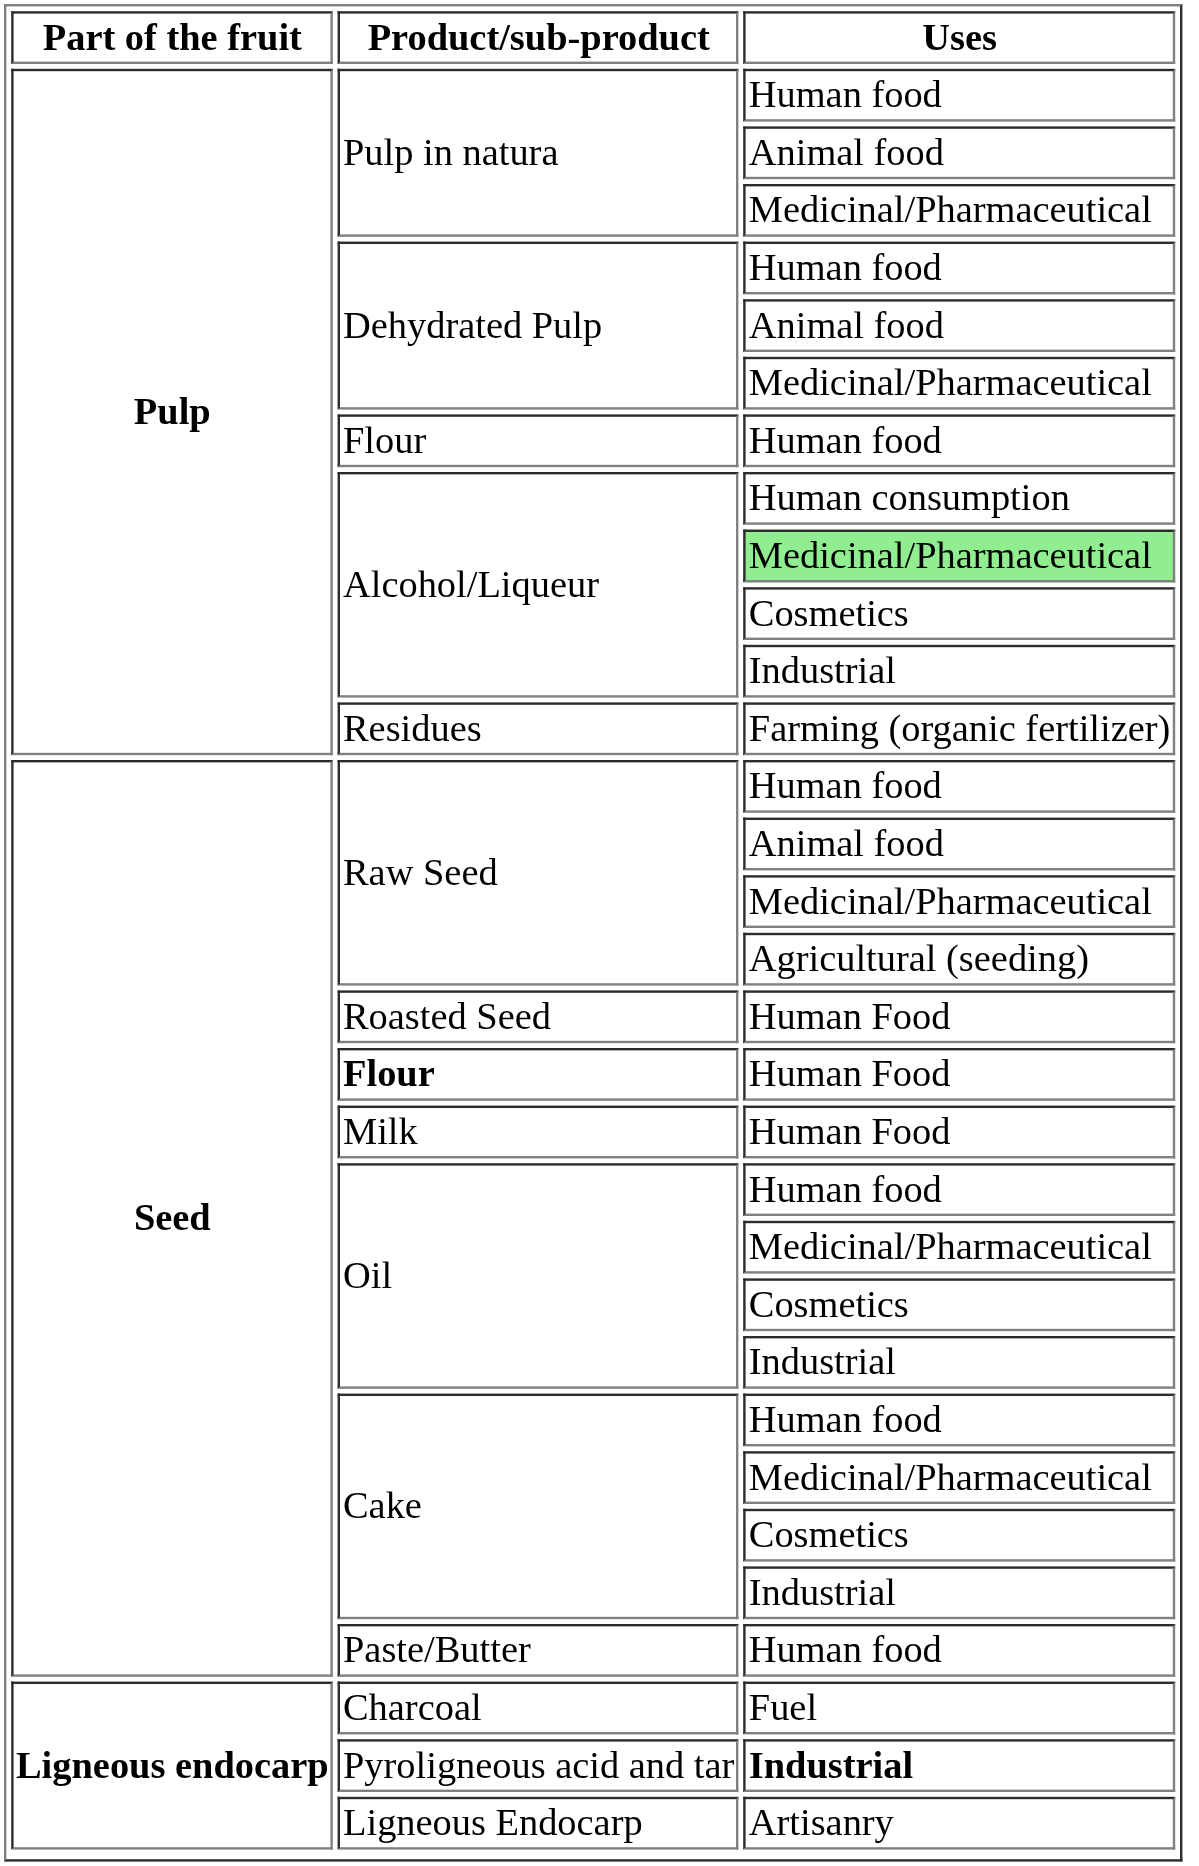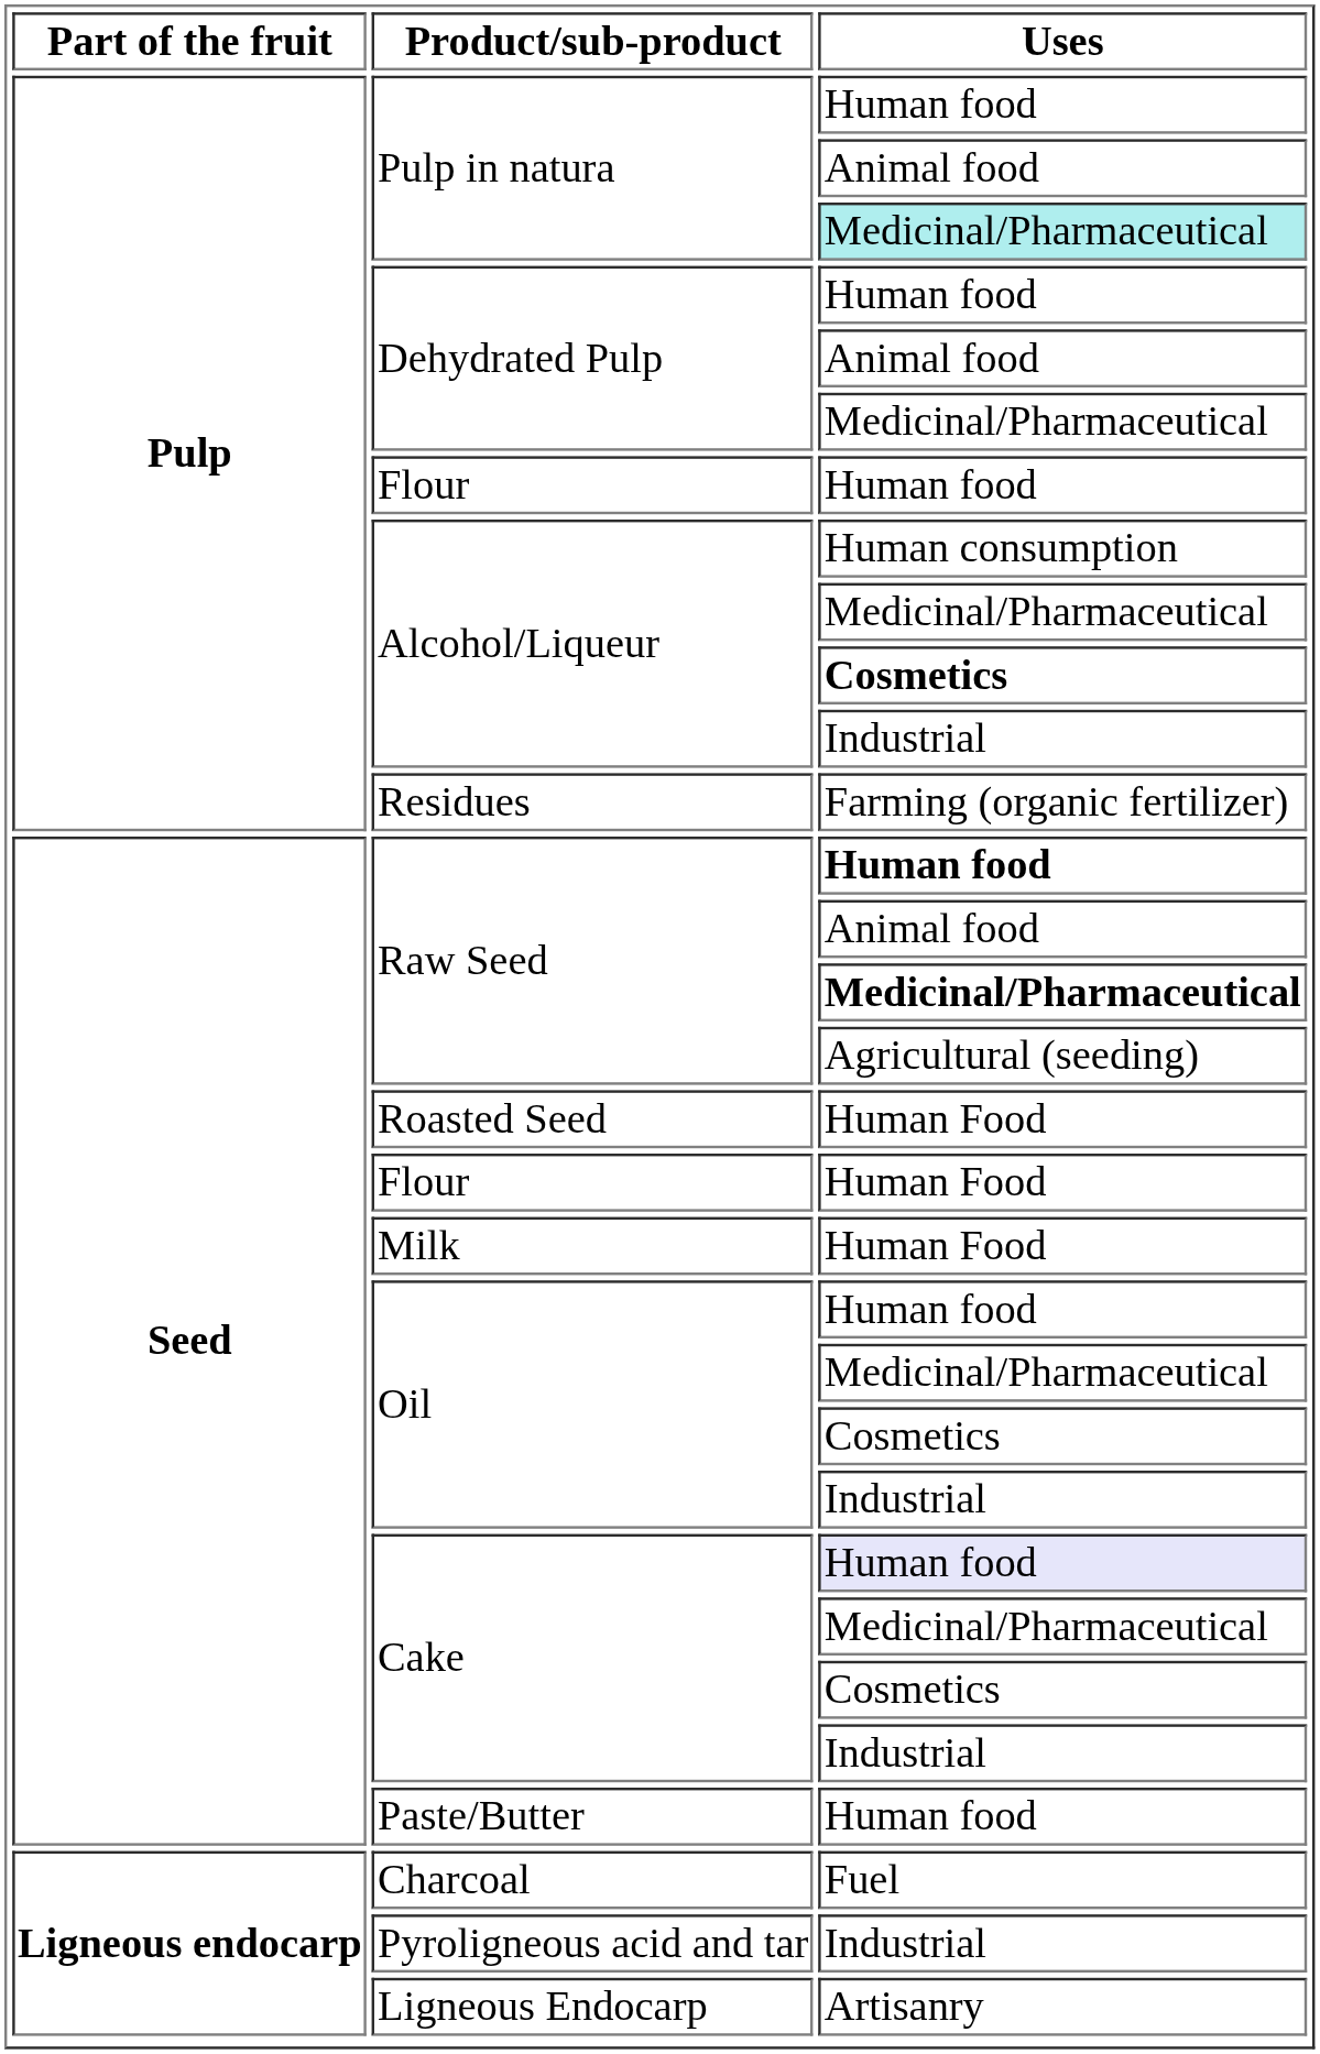 <table border="1">
 <tr>
 <th>Part of the fruit</th>
 <th>Product/sub-product</th>
 <th>Uses</th>
 </tr>
 <tr>
 <th rowspan="12">Pulp</th>
 <td rowspan="3">Pulp in natura</td>
 <td>Human food</td>
 </tr>
 <tr>
 <td>Animal food</td>
 </tr>
 <tr>
-<td>Medicinal/Pharmaceutical</td>
+<td style="background: paleturquoise;">Medicinal/Pharmaceutical</td>
 </tr>
 <tr>
 <td rowspan="3">Dehydrated Pulp</td>
 <td>Human food</td>
 </tr>
 <tr>
 <td>Animal food</td>
 </tr>
 <tr>
 <td>Medicinal/Pharmaceutical</td>
 </tr>
 <tr>
 <td>Flour</td>
 <td>Human food</td>
 </tr>
 <tr>
 <td rowspan="4">Alcohol/Liqueur</td>
 <td>Human consumption</td>
 </tr>
 <tr>
-<td style="background: lightgreen;">Medicinal/Pharmaceutical</td>
+<td>Medicinal/Pharmaceutical</td>
 </tr>
 <tr>
-<td>Cosmetics</td>
+<td><strong>Cosmetics</strong></td>
 </tr>
 <tr>
 <td>Industrial</td>
 </tr>
 <tr>
 <td>Residues</td>
 <td>Farming (organic fertilizer)</td>
 </tr>
 <tr>
 <th rowspan="16">Seed</th>
 <td rowspan="4">Raw Seed</td>
-<td>Human food</td>
+<td><strong>Human food</strong></td>
 </tr>
 <tr>
 <td>Animal food</td>
 </tr>
 <tr>
-<td>Medicinal/Pharmaceutical</td>
+<td><strong>Medicinal/Pharmaceutical</strong></td>
 </tr>
 <tr>
 <td>Agricultural (seeding)</td>
 </tr>
 <tr>
 <td>Roasted Seed</td>
 <td>Human Food</td>
 </tr>
 <tr>
-<td><strong>Flour</strong></td>
+<td>Flour</td>
 <td>Human Food</td>
 </tr>
 <tr>
 <td>Milk</td>
 <td>Human Food</td>
 </tr>
 <tr>
 <td rowspan="4">Oil</td>
 <td>Human food</td>
 </tr>
 <tr>
 <td>Medicinal/Pharmaceutical</td>
 </tr>
 <tr>
 <td>Cosmetics</td>
 </tr>
 <tr>
 <td>Industrial</td>
 </tr>
 <tr>
 <td rowspan="4">Cake</td>
-<td>Human food</td>
+<td style="background: lavender;">Human food</td>
 </tr>
 <tr>
 <td>Medicinal/Pharmaceutical</td>
 </tr>
 <tr>
 <td>Cosmetics</td>
 </tr>
 <tr>
 <td>Industrial</td>
 </tr>
 <tr>
 <td>Paste/Butter</td>
 <td>Human food</td>
 </tr>
 <tr>
 <th rowspan="3">Ligneous endocarp</th>
 <td>Charcoal</td>
 <td>Fuel</td>
 </tr>
 <tr>
 <td>Pyroligneous acid and tar</td>
-<td><strong>Industrial</strong></td>
+<td>Industrial</td>
 </tr>
 <tr>
 <td>Ligneous Endocarp</td>
 <td>Artisanry</td>
 </tr>
 <tr>
 </tr>
 </table>
